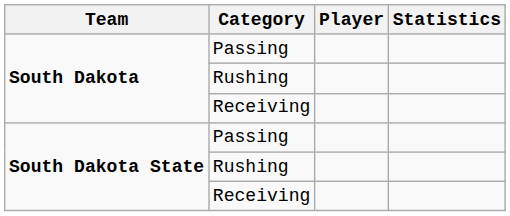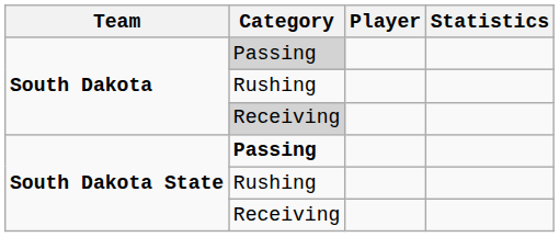 <table class="wikitable" style="float: left;">
 <tr>
 <th>Team</th>
 <th>Category</th>
 <th>Player</th>
 <th>Statistics</th>
 </tr>
 <tr>
 <td rowspan=3><strong>South Dakota</strong></td>
-<td>Passing</td>
+<td style="background: lightgrey;">Passing</td>
 <td></td>
 <td></td>
 </tr>
 <tr>
 <td>Rushing</td>
 <td></td>
 <td></td>
 </tr>
 <tr>
-<td>Receiving</td>
+<td style="background: lightgrey;">Receiving</td>
 <td></td>
 <td></td>
 </tr>
 <tr>
 <td rowspan=3><strong>South Dakota State</strong></td>
-<td>Passing</td>
+<td><strong>Passing</strong></td>
 <td></td>
 <td></td>
 </tr>
 <tr>
 <td>Rushing</td>
 <td></td>
 <td></td>
 </tr>
 <tr>
 <td>Receiving</td>
 <td></td>
 <td></td>
 </tr>
 </table>
